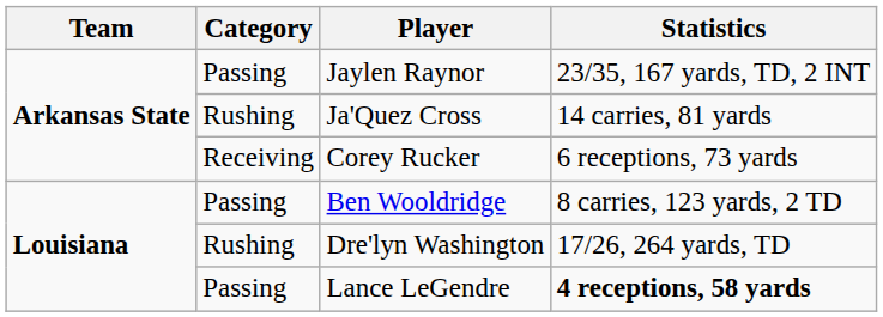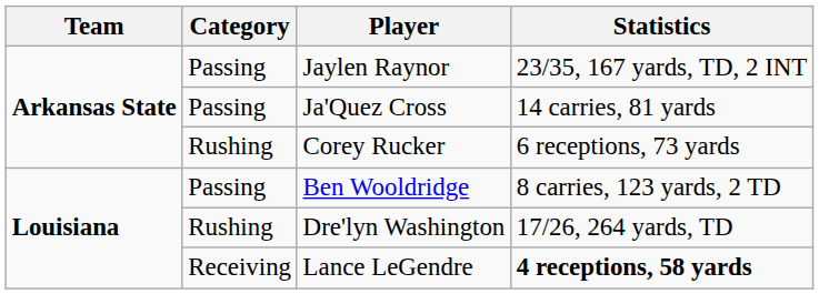 <table class="wikitable" style="float: right;">
 <tr>
 <th>Team</th>
 <th>Category</th>
 <th>Player</th>
 <th>Statistics</th>
 </tr>
 <tr>
 <td rowspan=3><strong>Arkansas State</strong></td>
 <td>Passing</td>
 <td>Jaylen Raynor</td>
 <td>23/35, 167 yards, TD, 2 INT</td>
 </tr>
 <tr>
-<td>Rushing</td>
+<td>Passing</td>
 <td>Ja'Quez Cross</td>
 <td>14 carries, 81 yards</td>
 </tr>
 <tr>
-<td>Receiving</td>
+<td>Rushing</td>
 <td>Corey Rucker</td>
 <td>6 receptions, 73 yards</td>
 </tr>
 <tr>
 <td rowspan=3><strong>Louisiana</strong></td>
 <td>Passing</td>
 <td><a href='#'>Ben Wooldridge</a></td>
 <td>8 carries, 123 yards, 2 TD</td>
 </tr>
 <tr>
 <td>Rushing</td>
 <td>Dre'lyn Washington</td>
 <td>17/26, 264 yards, TD</td>
 </tr>
 <tr>
-<td>Passing</td>
+<td>Receiving</td>
 <td>Lance LeGendre</td>
 <td><strong>4 receptions, 58 yards</strong></td>
 </tr>
 </table>
